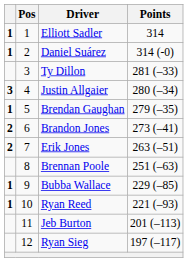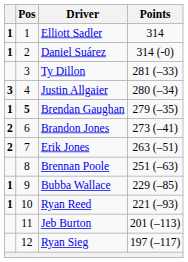 <table class="wikitable" style="font-size: 95%;">
 <tr>
 <th></th>
 <th>Pos</th>
 <th>Driver</th>
 <th>Points</th>
 </tr>
 <tr>
 <td align="left"> <strong>1</strong></td>
 <td style="text-align:center;">1</td>
 <td><a href='#'>Elliott Sadler</a></td>
 <td style="text-align:center;">314</td>
 </tr>
 <tr>
 <td align="left"> <strong>1</strong></td>
 <td style="text-align:center;">2</td>
 <td><a href='#'>Daniel Suárez</a></td>
 <td style="text-align:center;">314 (-0)</td>
 </tr>
 <tr>
 <td align="left"></td>
 <td style="text-align:center;">3</td>
 <td><a href='#'>Ty Dillon</a></td>
 <td style="text-align:center;">281 (–33)</td>
 </tr>
 <tr>
 <td align="left"> <strong>3</strong></td>
 <td style="text-align:center;">4</td>
 <td><a href='#'>Justin Allgaier</a></td>
 <td style="text-align:center;">280 (–34)</td>
 </tr>
 <tr>
 <td align="left"> <strong>1</strong></td>
-<td style="text-align:center;">5</td>
+<td style="text-align:center;"><strong>5</strong></td>
 <td><a href='#'>Brendan Gaughan</a></td>
 <td style="text-align:center;">279 (–35)</td>
 </tr>
 <tr>
 <td align="left"> <strong>2</strong></td>
 <td style="text-align:center;">6</td>
 <td><a href='#'>Brandon Jones</a></td>
 <td style="text-align:center;">273 (–41)</td>
 </tr>
 <tr>
 <td align="left"> <strong>2</strong></td>
 <td style="text-align:center;">7</td>
 <td><a href='#'>Erik Jones</a></td>
 <td style="text-align:center;">263 (–51)</td>
 </tr>
 <tr>
 <td align="left"></td>
 <td style="text-align:center;">8</td>
 <td><a href='#'>Brennan Poole</a></td>
 <td style="text-align:center;">251 (–63)</td>
 </tr>
 <tr>
 <td align="left"> <strong>1</strong></td>
 <td style="text-align:center;">9</td>
 <td><a href='#'>Bubba Wallace</a></td>
 <td style="text-align:center;">229 (–85)</td>
 </tr>
 <tr>
 <td align="left"> <strong>1</strong></td>
 <td style="text-align:center;">10</td>
 <td><a href='#'>Ryan Reed</a></td>
 <td style="text-align:center;">221 (–93)</td>
 </tr>
 <tr>
 <td align="left"></td>
 <td style="text-align:center;">11</td>
 <td><a href='#'>Jeb Burton</a></td>
 <td style="text-align:center;">201 (–113)</td>
 </tr>
 <tr>
 <td align="left"></td>
 <td style="text-align:center;">12</td>
 <td><a href='#'>Ryan Sieg</a></td>
 <td style="text-align:center;">197 (–117)</td>
 </tr>
 <tr class="sortbottom">
 <th colspan="9"></th>
 </tr>
 </table>
